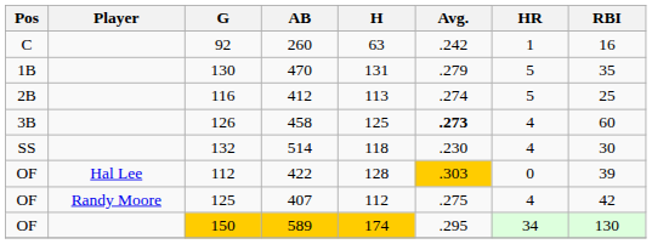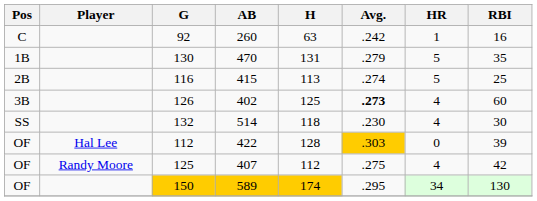 <table class="wikitable sortable">
 <tr>
 <th bgcolor="#DDDDFF" width="5%">Pos</th>
 <th bgcolor="#DDDDFF" width="16%">Player</th>
 <th bgcolor="#DDDDFF" width="9%">G</th>
 <th bgcolor="#DDDDFF" width="9%">AB</th>
 <th bgcolor="#DDDDFF" width="9%">H</th>
 <th bgcolor="#DDDDFF" width="9%">Avg.</th>
 <th bgcolor="#DDDDFF" width="9%">HR</th>
 <th bgcolor="#DDDDFF" width="9%">RBI</th>
 </tr>
 <tr align="center">
 <td>C</td>
 <td></td>
 <td>92</td>
 <td>260</td>
 <td>63</td>
 <td>.242</td>
 <td>1</td>
 <td>16</td>
 </tr>
 <tr align="center">
 <td>1B</td>
 <td></td>
 <td>130</td>
 <td>470</td>
 <td>131</td>
 <td>.279</td>
 <td>5</td>
 <td>35</td>
 </tr>
 <tr align="center">
 <td>2B</td>
 <td></td>
 <td>116</td>
-<td>412</td>
+<td>415</td>
 <td>113</td>
 <td>.274</td>
 <td>5</td>
 <td>25</td>
 </tr>
 <tr align="center">
 <td>3B</td>
 <td></td>
 <td>126</td>
-<td>458</td>
+<td>402</td>
 <td>125</td>
 <td><strong>.273</strong></td>
 <td>4</td>
 <td>60</td>
 </tr>
 <tr align="center">
 <td>SS</td>
 <td></td>
 <td>132</td>
 <td>514</td>
 <td>118</td>
 <td>.230</td>
 <td>4</td>
 <td>30</td>
 </tr>
 <tr align="center">
 <td>OF</td>
 <td><a href='#'>Hal Lee</a></td>
 <td>112</td>
 <td>422</td>
 <td>128</td>
 <td style="background:#fc0;">.303</td>
 <td>0</td>
 <td>39</td>
 </tr>
 <tr align="center">
 <td>OF</td>
 <td><a href='#'>Randy Moore</a></td>
 <td>125</td>
 <td>407</td>
 <td>112</td>
 <td>.275</td>
 <td>4</td>
 <td>42</td>
 </tr>
 <tr align="center">
 <td>OF</td>
 <td></td>
 <td style="background:#fc0;">150</td>
 <td style="background:#fc0;">589</td>
 <td style="background:#fc0;">174</td>
 <td>.295</td>
 <td style="background:#DDFFDD;">34</td>
 <td style="background:#DDFFDD;">130</td>
 </tr>
 <tr align="center">
 </tr>
 </table>
